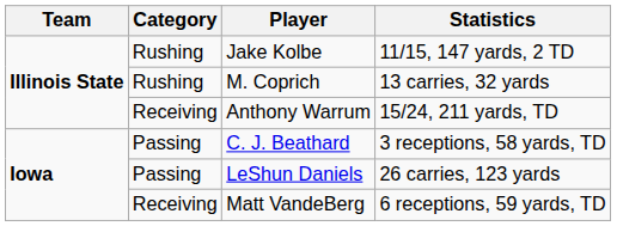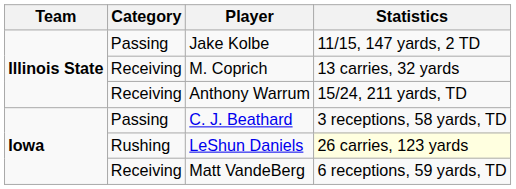 <table class="wikitable" style="float: left;">
 <tr>
 <th>Team</th>
 <th>Category</th>
 <th>Player</th>
 <th>Statistics</th>
 </tr>
 <tr>
 <td rowspan=3><strong>Illinois State</strong></td>
-<td>Rushing</td>
+<td>Passing</td>
 <td>Jake Kolbe</td>
 <td>11/15, 147 yards, 2 TD</td>
 </tr>
 <tr>
-<td>Rushing</td>
+<td>Receiving</td>
 <td>M. Coprich</td>
 <td>13 carries, 32 yards</td>
 </tr>
 <tr>
 <td>Receiving</td>
 <td>Anthony Warrum</td>
 <td>15/24, 211 yards, TD</td>
 </tr>
 <tr>
 <td rowspan=3><strong>Iowa</strong></td>
 <td>Passing</td>
 <td><a href='#'>C. J. Beathard</a></td>
 <td>3 receptions, 58 yards, TD</td>
 </tr>
 <tr>
-<td>Passing</td>
+<td>Rushing</td>
 <td><a href='#'>LeShun Daniels</a></td>
-<td>26 carries, 123 yards</td>
+<td style="background: lightyellow;">26 carries, 123 yards</td>
 </tr>
 <tr>
 <td>Receiving</td>
 <td>Matt VandeBerg</td>
 <td>6 receptions, 59 yards, TD</td>
 </tr>
 </table>
